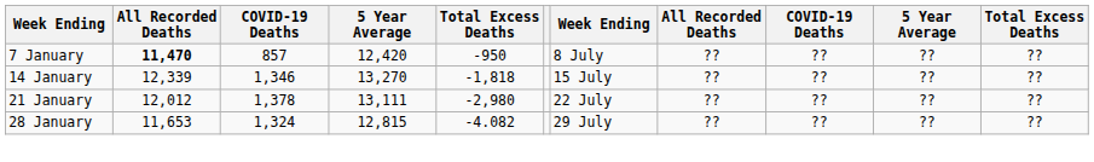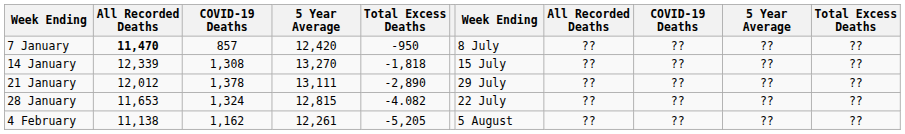 <table class="wikitable">
 <tr>
 <th>Week Ending</th>
 <th>All Recorded Deaths</th>
 <th>COVID-19 Deaths</th>
 <th>5 Year Average</th>
 <th>Total Excess Deaths</th>
 <th></th>
 <th>Week Ending</th>
 <th>All Recorded Deaths</th>
 <th>COVID-19 Deaths</th>
 <th>5 Year Average</th>
 <th>Total Excess Deaths</th>
 </tr>
 <tr>
 <td style="width: 95px">7 January</td>
 <td style="width: 95px; text-align:center"><strong>11,470</strong></td>
 <td style="width: 95px; text-align:center">857</td>
 <td style="width: 95px; text-align:center">12,420</td>
 <td style="width: 95px; text-align:center">-950</td>
 <td></td>
 <td style="width: 95px">8 July</td>
 <td style="width: 95px; text-align:center">??</td>
 <td style="width: 95px; text-align:center">??</td>
 <td style="width: 95px; text-align:center">??</td>
 <td style="width: 95px; text-align:center">??</td>
 </tr>
 <tr>
 <td style="width: 95px">14 January</td>
 <td style="width: 95px; text-align:center">12,339</td>
-<td style="width: 95px; text-align:center">1,346</td>
+<td style="width: 95px; text-align:center">1,308</td>
 <td style="width: 95px; text-align:center">13,270</td>
 <td style="width: 95px; text-align:center">-1,818</td>
 <td></td>
 <td style="width: 95px">15 July</td>
 <td style="width: 95px; text-align:center">??</td>
 <td style="width: 95px; text-align:center">??</td>
 <td style="width: 95px; text-align:center">??</td>
 <td style="width: 95px; text-align:center">??</td>
 </tr>
 <tr>
 <td style="width: 95px">21 January</td>
 <td style="width: 95px; text-align:center">12,012</td>
 <td style="width: 95px; text-align:center">1,378</td>
 <td style="width: 95px; text-align:center">13,111</td>
-<td style="width: 95px; text-align:center">-2,980</td>
+<td style="width: 95px; text-align:center">-2,890</td>
 <td></td>
-<td style="width: 95px">22 July</td>
+<td style="width: 95px">29 July</td>
 <td style="width: 95px; text-align:center">??</td>
 <td style="width: 95px; text-align:center">??</td>
 <td style="width: 95px; text-align:center">??</td>
 <td style="width: 95px; text-align:center">??</td>
 </tr>
 <tr>
 <td style="width: 95px">28 January</td>
 <td style="width: 95px; text-align:center">11,653</td>
 <td style="width: 95px; text-align:center">1,324</td>
 <td style="width: 95px; text-align:center">12,815</td>
 <td style="width: 95px; text-align:center">-4.082</td>
 <td></td>
-<td style="width: 95px">29 July</td>
+<td style="width: 95px">22 July</td>
+<td style="width: 95px; text-align:center">??</td>
+<td style="width: 95px; text-align:center">??</td>
+<td style="width: 95px; text-align:center">??</td>
+<td style="width: 95px; text-align:center">??</td>
+</tr>
+<tr>
+<td style="width: 95px">4 February</td>
+<td style="width: 95px; text-align:center">11,138</td>
+<td style="width: 95px; text-align:center">1,162</td>
+<td style="width: 95px; text-align:center">12,261</td>
+<td style="width: 95px; text-align:center">-5,205</td>
+<td></td>
+<td style="width: 95px">5 August</td>
 <td style="width: 95px; text-align:center">??</td>
 <td style="width: 95px; text-align:center">??</td>
 <td style="width: 95px; text-align:center">??</td>
 <td style="width: 95px; text-align:center">??</td>
 </tr>
 </table>
